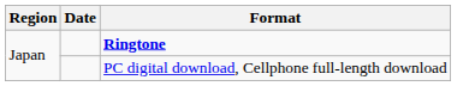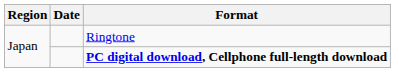 <table class="wikitable">
 <tr>
 <th>Region</th>
 <th>Date</th>
 <th>Format</th>
 </tr>
 <tr>
 <td rowspan="2">Japan</td>
 <td></td>
-<td><strong><a href='#'>Ringtone</a></strong></td>
+<td><a href='#'>Ringtone</a></td>
 </tr>
 <tr>
 <td></td>
-<td><a href='#'>PC digital download</a>, Cellphone full-length download</td>
+<td><strong><a href='#'>PC digital download</a>, Cellphone full-length download</strong></td>
 </tr>
 </table>
